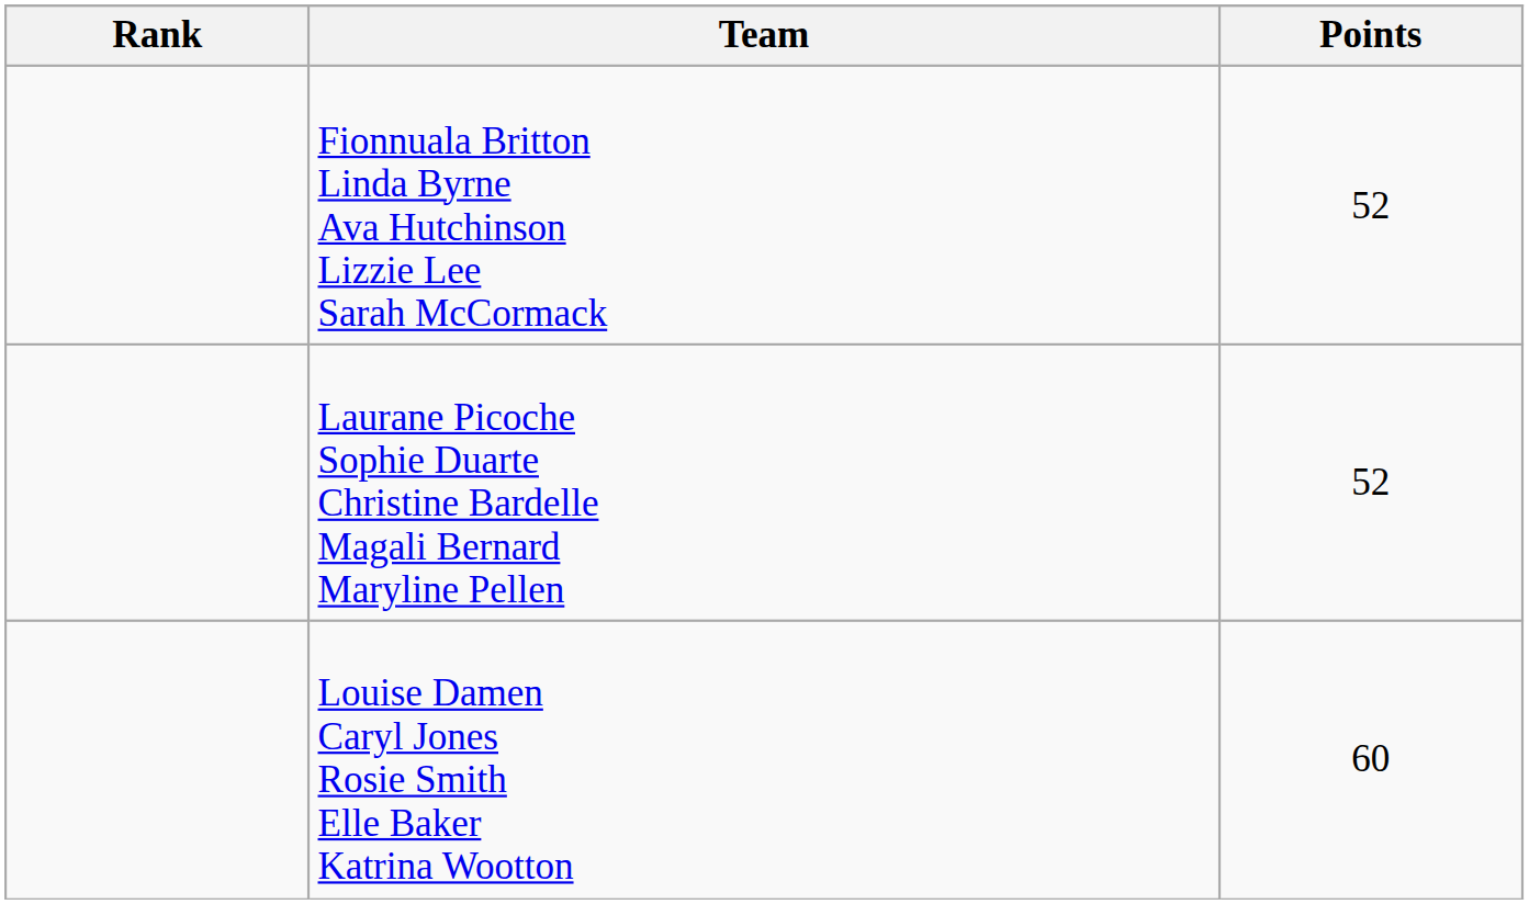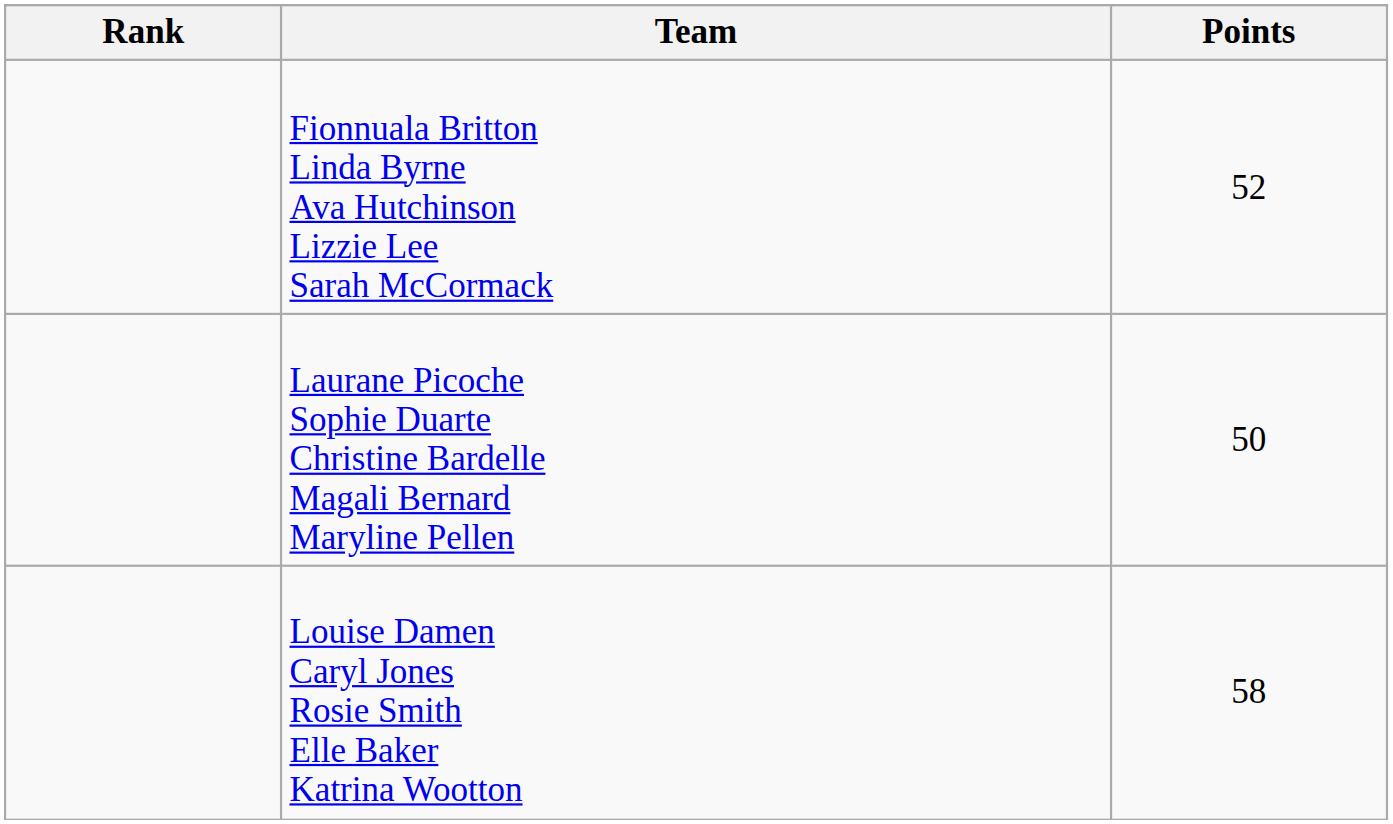 <table class="wikitable" style="width:50%;">
 <tr>
 </tr>
 <tr>
 <th width=10%>Rank</th>
 <th width=30%>Team</th>
 <th width=10%>Points</th>
 </tr>
 <tr style="text-align:center;">
 <td></td>
 <td style="text-align:left;"><br><a href='#'>Fionnuala Britton</a><br><a href='#'>Linda Byrne</a><br><a href='#'>Ava Hutchinson</a><br><a href='#'>Lizzie Lee</a><br><a href='#'>Sarah McCormack</a></td>
 <td>52</td>
 </tr>
 <tr style="text-align:center;">
 <td></td>
 <td style="text-align:left;"><br><a href='#'>Laurane Picoche</a><br><a href='#'>Sophie Duarte</a><br><a href='#'>Christine Bardelle</a><br><a href='#'>Magali Bernard</a><br><a href='#'>Maryline Pellen</a></td>
-<td>52</td>
+<td>50</td>
 </tr>
 <tr style="text-align:center;">
 <td></td>
 <td style="text-align:left;"><br><a href='#'>Louise Damen</a><br><a href='#'>Caryl Jones</a><br><a href='#'>Rosie Smith</a><br><a href='#'>Elle Baker</a><br><a href='#'>Katrina Wootton</a></td>
-<td>60</td>
+<td>58</td>
 </tr>
 </table>
